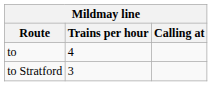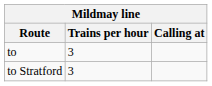 <table class="wikitable">
 <tr>
 <th colspan="3" style="border-color:#">Mildmay line</th>
 </tr>
 <tr>
 <th>Route</th>
 <th>Trains per hour</th>
 <th>Calling at</th>
 </tr>
 <tr>
 <td> to </td>
-<td>4</td>
+<td>3</td>
 <td></td>
 </tr>
 <tr>
 <td> to Stratford</td>
 <td>3</td>
 <td></td>
 </tr>
 </table>
